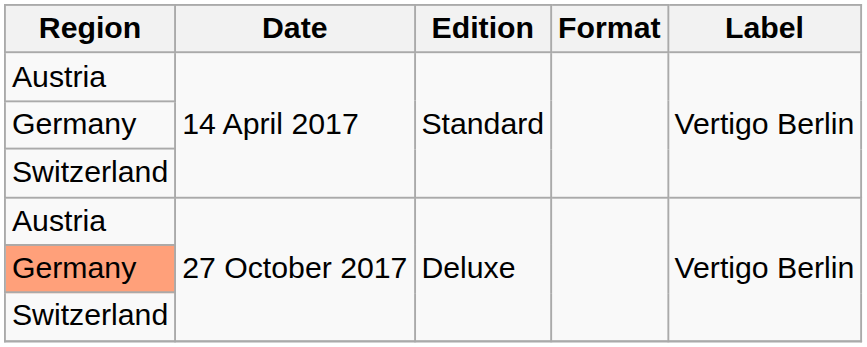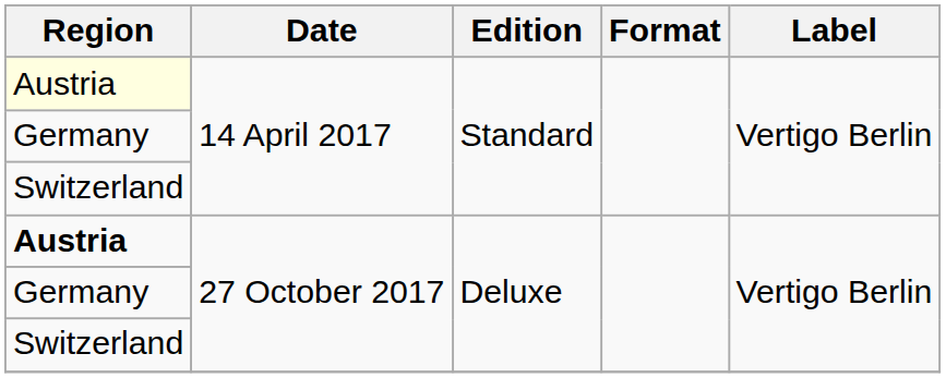 <table class="wikitable">
 <tr>
 <th scope="col">Region</th>
 <th scope="col">Date</th>
 <th scope="col">Edition</th>
 <th scope="col">Format</th>
 <th scope="col">Label</th>
 </tr>
 <tr>
-<td>Austria</td>
+<td style="background: lightyellow;">Austria</td>
 <td rowspan="3">14 April 2017</td>
 <td rowspan="3">Standard</td>
 <td rowspan="3"></td>
 <td rowspan="3">Vertigo Berlin</td>
 </tr>
 <tr>
 <td>Germany</td>
 </tr>
 <tr>
 <td>Switzerland</td>
 </tr>
 <tr>
-<td>Austria</td>
+<td><strong>Austria</strong></td>
 <td rowspan="3">27 October 2017</td>
 <td rowspan="3">Deluxe</td>
 <td rowspan="3"></td>
 <td rowspan="3">Vertigo Berlin</td>
 </tr>
 <tr>
-<td style="background: lightsalmon;">Germany</td>
+<td>Germany</td>
 </tr>
 <tr>
 <td>Switzerland</td>
 </tr>
 <tr>
 </tr>
 </table>
